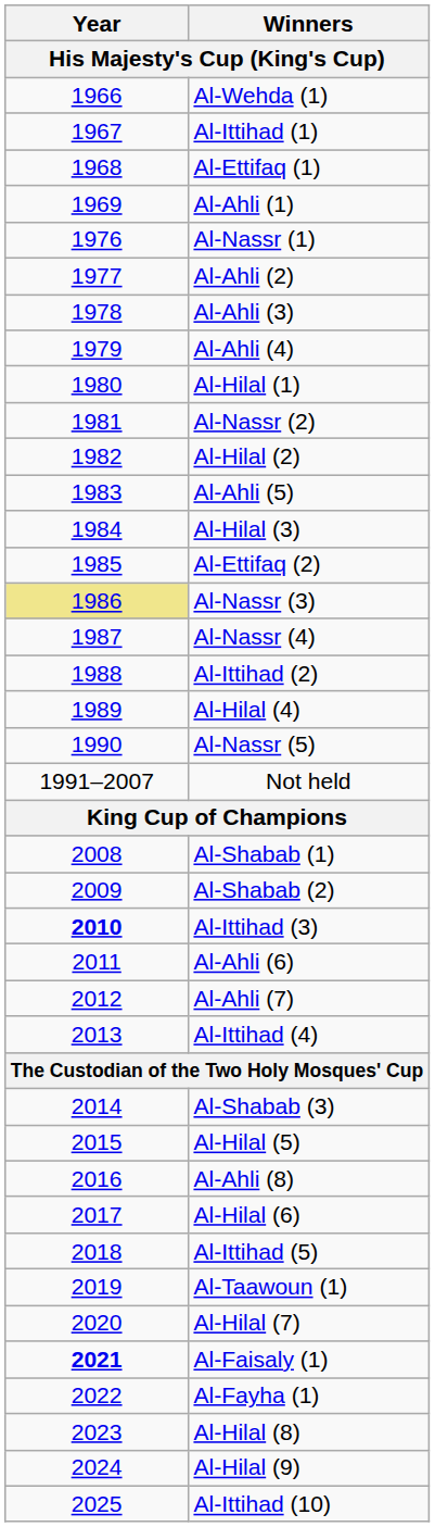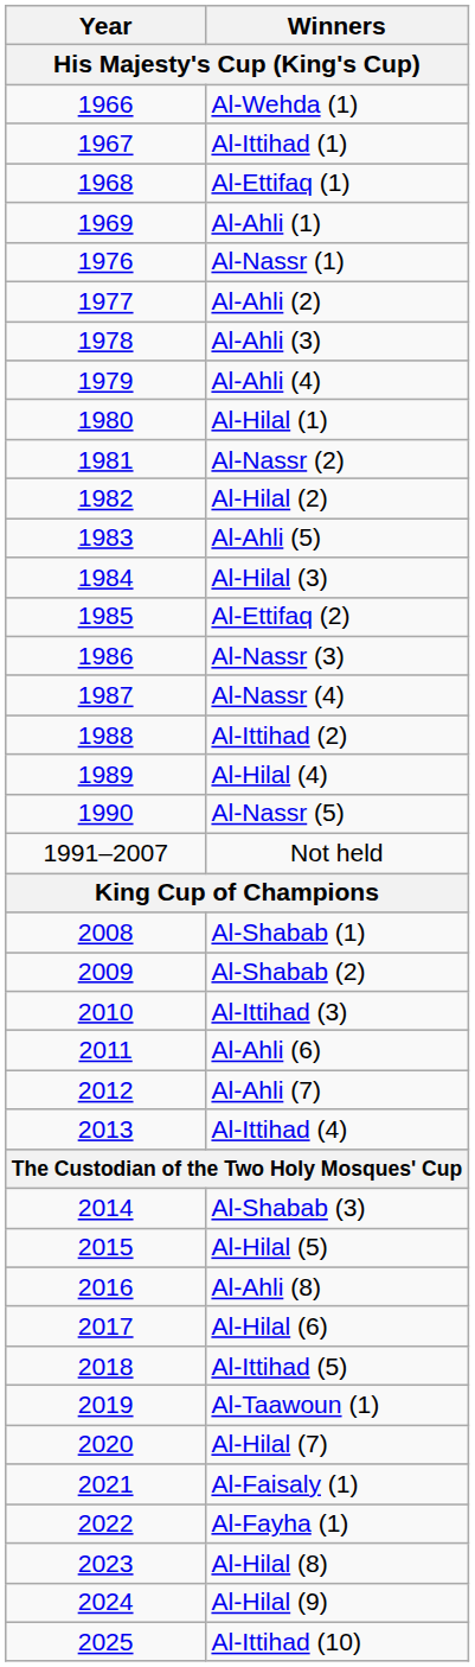 <table class="wikitable floatright" style="text-align:center; font-size:85%">
 <tr>
 <th>Year</th>
 <th>Winners</th>
 </tr>
 <tr>
 <th colspan=2>His Majesty's Cup (King's Cup)</th>
 </tr>
 <tr>
 <td><a href='#'>1966</a></td>
 <td align="left"><a href='#'>Al-Wehda</a> (1)</td>
 </tr>
 <tr>
 <td><a href='#'>1967</a></td>
 <td align="left"><a href='#'>Al-Ittihad</a> (1)</td>
 </tr>
 <tr>
 <td><a href='#'>1968</a></td>
 <td align="left"><a href='#'>Al-Ettifaq</a> (1)</td>
 </tr>
 <tr>
 <td><a href='#'>1969</a></td>
 <td align="left"><a href='#'>Al-Ahli</a> (1)</td>
 </tr>
 <tr>
 <td><a href='#'>1976</a></td>
 <td align="left"><a href='#'>Al-Nassr</a> (1)</td>
 </tr>
 <tr>
 <td><a href='#'>1977</a></td>
 <td align="left"><a href='#'>Al-Ahli</a> (2)</td>
 </tr>
 <tr>
 <td><a href='#'>1978</a></td>
 <td align="left"><a href='#'>Al-Ahli</a> (3)</td>
 </tr>
 <tr>
 <td><a href='#'>1979</a></td>
 <td align="left"><a href='#'>Al-Ahli</a> (4)</td>
 </tr>
 <tr>
 <td><a href='#'>1980</a></td>
 <td align="left"><a href='#'>Al-Hilal</a> (1)</td>
 </tr>
 <tr>
 <td><a href='#'>1981</a></td>
 <td align="left"><a href='#'>Al-Nassr</a> (2)</td>
 </tr>
 <tr>
 <td><a href='#'>1982</a></td>
 <td align="left"><a href='#'>Al-Hilal</a> (2)</td>
 </tr>
 <tr>
 <td><a href='#'>1983</a></td>
 <td align="left"><a href='#'>Al-Ahli</a> (5)</td>
 </tr>
 <tr>
 <td><a href='#'>1984</a></td>
 <td align="left"><a href='#'>Al-Hilal</a> (3)</td>
 </tr>
 <tr>
 <td><a href='#'>1985</a></td>
 <td align="left"><a href='#'>Al-Ettifaq</a> (2)</td>
 </tr>
 <tr>
-<td style="background: khaki;"><a href='#'>1986</a></td>
+<td><a href='#'>1986</a></td>
 <td align="left"><a href='#'>Al-Nassr</a> (3)</td>
 </tr>
 <tr>
 <td><a href='#'>1987</a></td>
 <td align="left"><a href='#'>Al-Nassr</a> (4)</td>
 </tr>
 <tr>
 <td><a href='#'>1988</a></td>
 <td align="left"><a href='#'>Al-Ittihad</a> (2)</td>
 </tr>
 <tr>
 <td><a href='#'>1989</a></td>
 <td align="left"><a href='#'>Al-Hilal</a> (4)</td>
 </tr>
 <tr>
 <td><a href='#'>1990</a></td>
 <td align="left"><a href='#'>Al-Nassr</a> (5)</td>
 </tr>
 <tr>
 <td>1991–2007</td>
 <td colspan=4 style="text-align:center;">Not held</td>
 </tr>
 <tr>
 <th colspan=2>King Cup of Champions</th>
 </tr>
 <tr>
 <td><a href='#'>2008</a></td>
 <td align="left"><a href='#'>Al-Shabab</a> (1)</td>
 </tr>
 <tr>
 <td><a href='#'>2009</a></td>
 <td align="left"><a href='#'>Al-Shabab</a> (2)</td>
 </tr>
 <tr>
-<td><strong><a href='#'>2010</a></strong></td>
+<td><a href='#'>2010</a></td>
 <td align="left"><a href='#'>Al-Ittihad</a> (3)</td>
 </tr>
 <tr>
 <td><a href='#'>2011</a></td>
 <td align="left"><a href='#'>Al-Ahli</a> (6)</td>
 </tr>
 <tr>
 <td><a href='#'>2012</a></td>
 <td align="left"><a href='#'>Al-Ahli</a> (7)</td>
 </tr>
 <tr>
 <td><a href='#'>2013</a></td>
 <td align="left"><a href='#'>Al-Ittihad</a> (4)</td>
 </tr>
 <tr>
 <th colspan=2><small>The Custodian of the Two Holy Mosques' Cup</small></th>
 </tr>
 <tr>
 <td><a href='#'>2014</a></td>
 <td align="left"><a href='#'>Al-Shabab</a> (3)</td>
 </tr>
 <tr>
 <td><a href='#'>2015</a></td>
 <td align="left"><a href='#'>Al-Hilal</a> (5)</td>
 </tr>
 <tr>
 <td><a href='#'>2016</a></td>
 <td align="left"><a href='#'>Al-Ahli</a> (8)</td>
 </tr>
 <tr>
 <td><a href='#'>2017</a></td>
 <td align="left"><a href='#'>Al-Hilal</a> (6)</td>
 </tr>
 <tr>
 <td><a href='#'>2018</a></td>
 <td align="left"><a href='#'>Al-Ittihad</a> (5)</td>
 </tr>
 <tr>
 <td><a href='#'>2019</a></td>
 <td align="left"><a href='#'>Al-Taawoun</a> (1)</td>
 </tr>
 <tr>
 <td><a href='#'>2020</a></td>
 <td align="left"><a href='#'>Al-Hilal</a> (7)</td>
 </tr>
 <tr>
-<td><strong><a href='#'>2021</a></strong></td>
+<td><a href='#'>2021</a></td>
 <td align="left"><a href='#'>Al-Faisaly</a> (1)</td>
 </tr>
 <tr>
 <td><a href='#'>2022</a></td>
 <td align="left"><a href='#'>Al-Fayha</a> (1)</td>
 </tr>
 <tr>
 <td><a href='#'>2023</a></td>
 <td align="left"><a href='#'>Al-Hilal</a> (8)</td>
 </tr>
 <tr>
 <td><a href='#'>2024</a></td>
 <td align="left"><a href='#'>Al-Hilal</a> (9)</td>
 </tr>
 <tr>
 <td><a href='#'>2025</a></td>
 <td align="left"><a href='#'>Al-Ittihad</a> (10)</td>
 </tr>
 </table>
